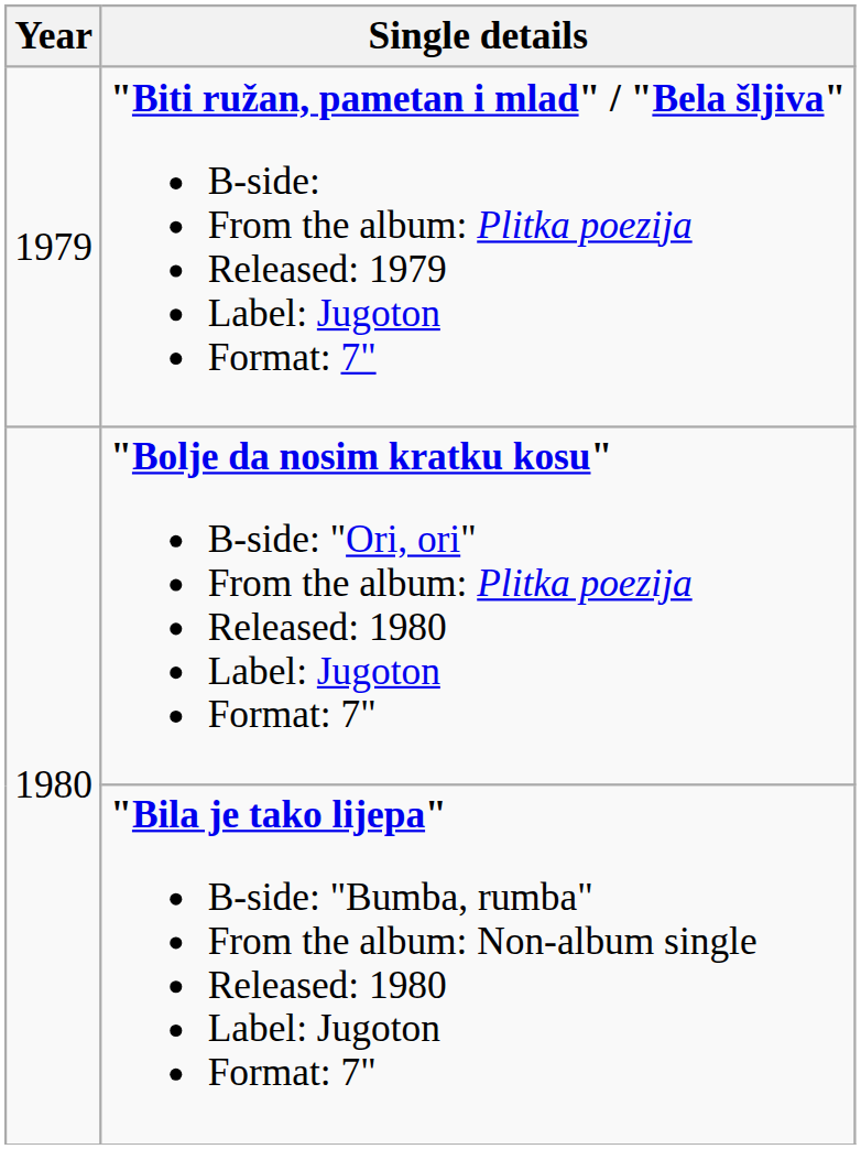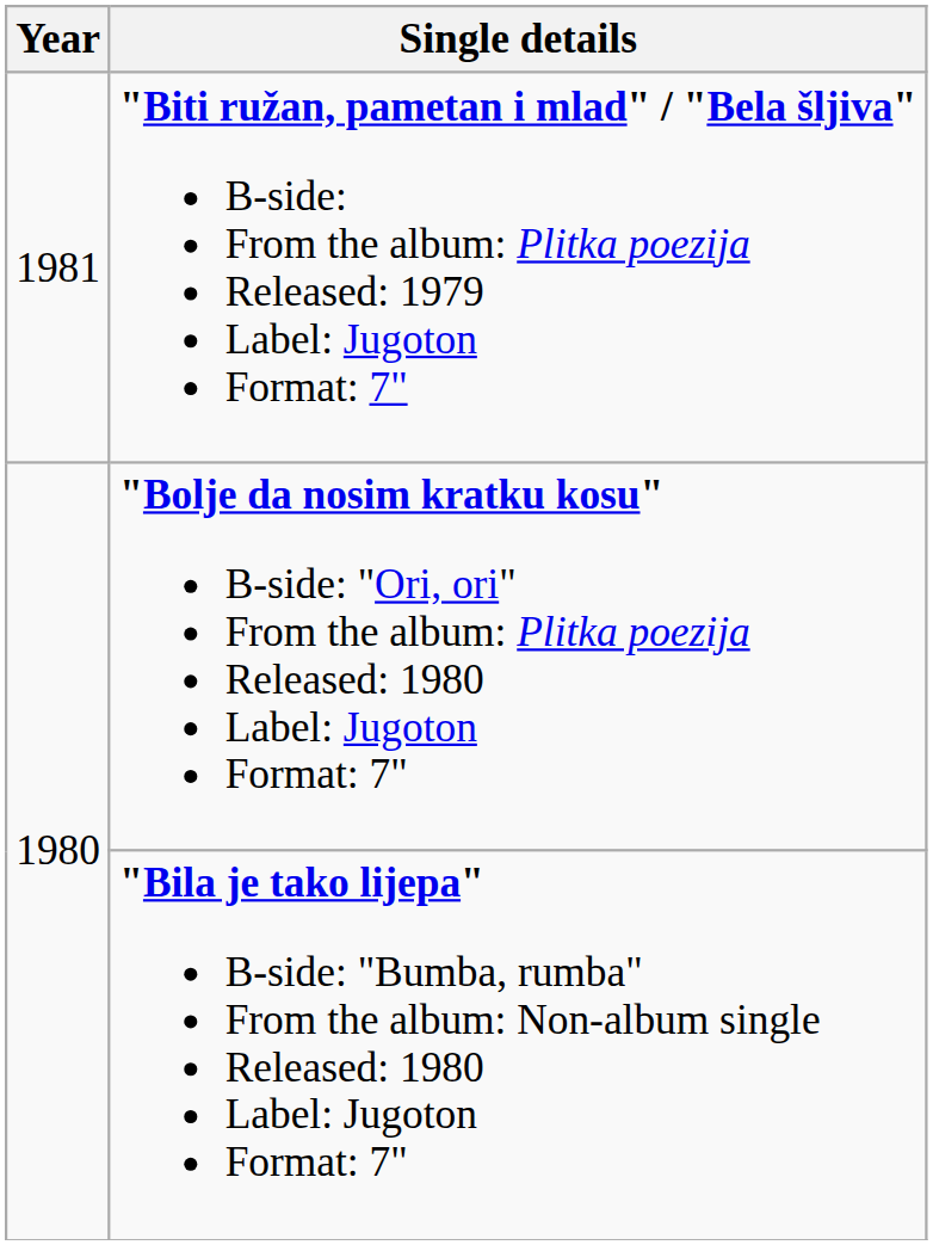 <table class ="wikitable">
 <tr>
 <th>Year</th>
 <th>Single details</th>
 </tr>
 <tr>
-<td align="center" rowspan="1">1979</td>
+<td align="center" rowspan="1">1981</td>
 <td><strong> "<a href='#'>Biti ružan, pametan i mlad</a>" / "<a href='#'>Bela šljiva</a>" </strong><br><ul><li>B-side:</li><li>From the album: <em><a href='#'>Plitka poezija</a></em></li><li>Released: 1979</li><li>Label: <a href='#'>Jugoton</a></li><li>Format: <a href='#'>7"</a></li></ul></td>
 </tr>
 <tr>
 <td align="center" rowspan="2">1980</td>
 <td><strong>"<a href='#'>Bolje da nosim kratku kosu</a>"</strong><br><ul><li>B-side: "<a href='#'>Ori, ori</a>"</li><li>From the album: <em><a href='#'>Plitka poezija</a></em></li><li>Released: 1980</li><li>Label: <a href='#'>Jugoton</a></li><li>Format: 7"</li></ul></td>
 </tr>
 <tr>
 <td><strong>"<a href='#'>Bila je tako lijepa</a>"</strong><br><ul><li>B-side: "Bumba, rumba"</li><li>From the album: Non-album single</li><li>Released: 1980</li><li>Label: Jugoton</li><li>Format: 7"</li></ul></td>
 </tr>
 <tr>
 </tr>
 </table>
